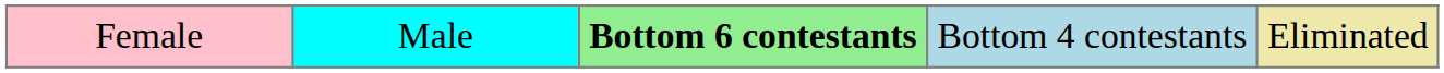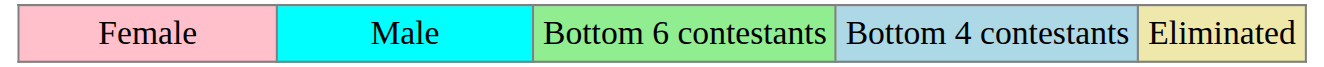 <table border="2" cellpadding="4" style="border: 1px solid gray; border-collapse: collapse; margin:1em auto; text-align:center;">
 <tr>
 </tr>
 <tr>
 <td style="background:pink; width:20%;">Female</td>
 <td style="background:cyan; width:20%;">Male</td>
-<td style="background:lightgreen;"><strong>Bottom 6 contestants</strong></td>
+<td style="background:lightgreen;">Bottom 6 contestants</td>
 <td style="background:Lightblue;">Bottom 4 contestants</td>
 <td style="background:Palegoldenrod;">Eliminated</td>
 </tr>
 </table>
